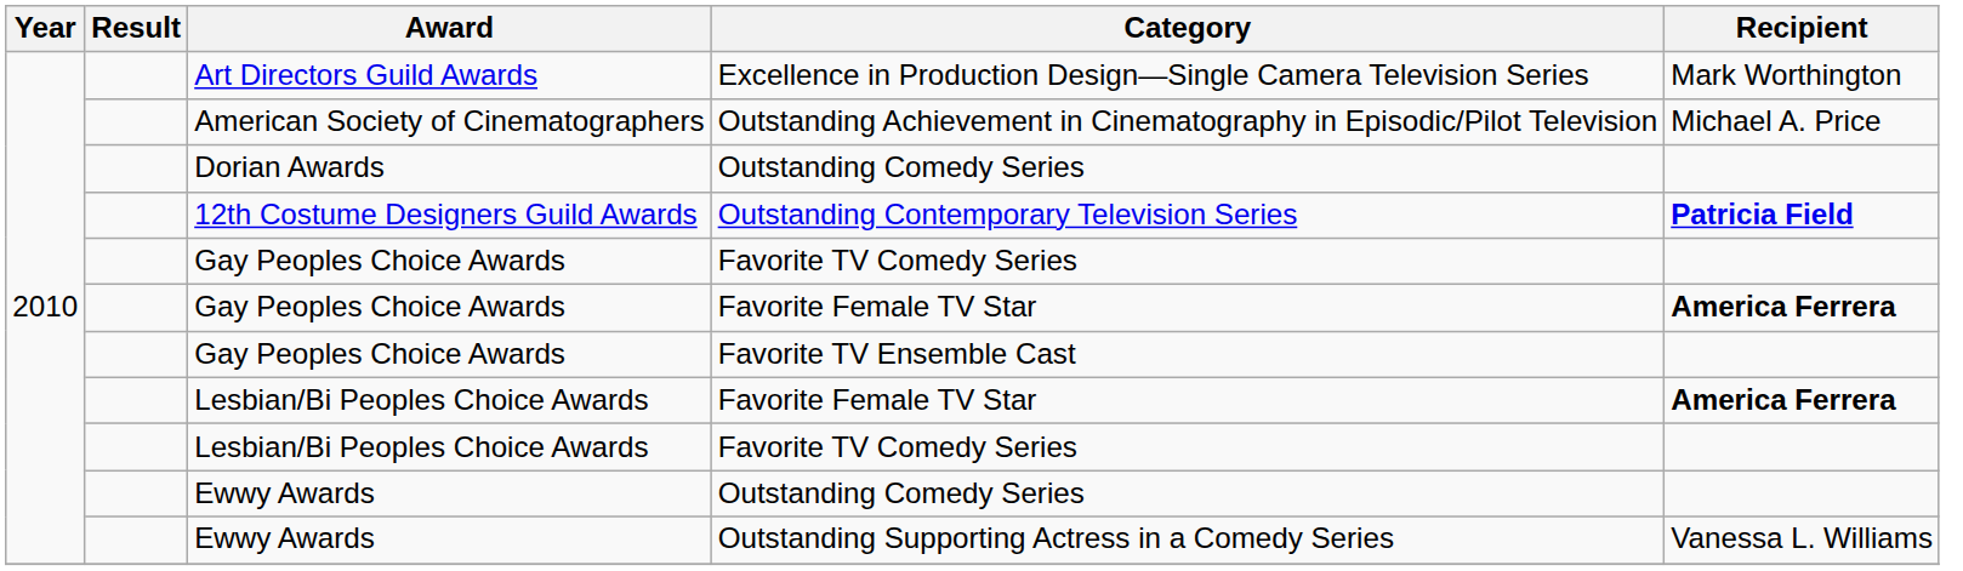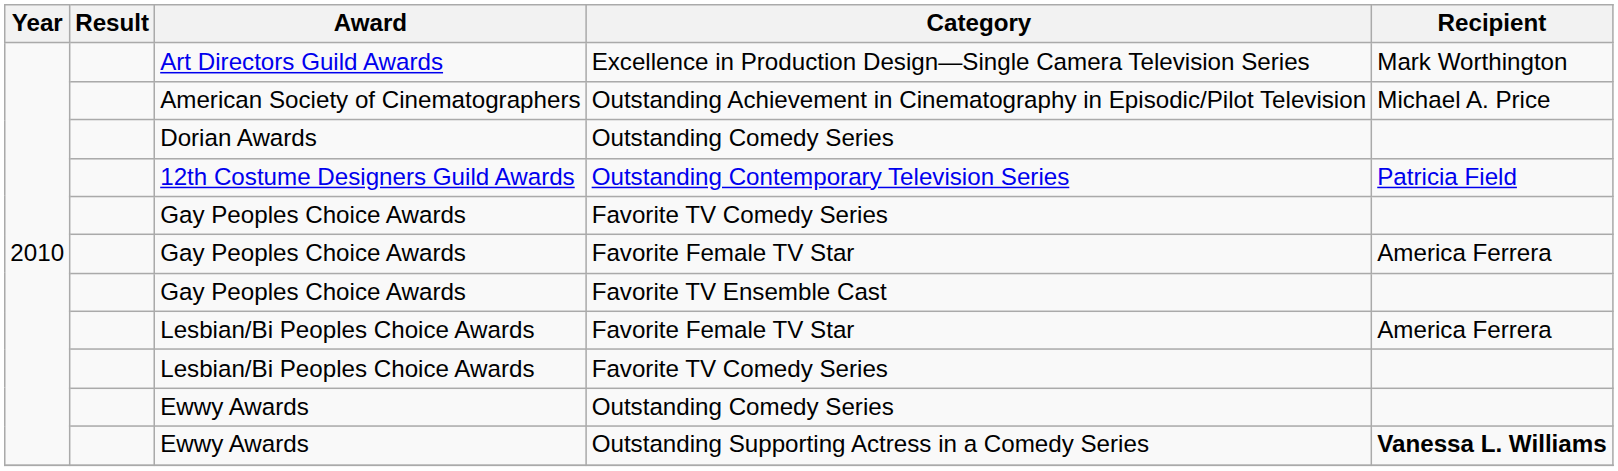 <table class="wikitable">
 <tr>
 <th>Year</th>
 <th>Result</th>
 <th>Award</th>
 <th>Category</th>
 <th>Recipient</th>
 </tr>
 <tr>
 <td rowspan="11">2010</td>
 <td></td>
 <td><a href='#'>Art Directors Guild Awards</a></td>
 <td>Excellence in Production Design—Single Camera Television Series</td>
 <td>Mark Worthington</td>
 </tr>
 <tr>
 <td></td>
 <td>American Society of Cinematographers</td>
 <td>Outstanding Achievement in Cinematography in Episodic/Pilot Television</td>
 <td>Michael A. Price</td>
 </tr>
 <tr>
 <td></td>
 <td>Dorian Awards</td>
 <td>Outstanding Comedy Series</td>
 <td></td>
 </tr>
 <tr>
 <td></td>
 <td><a href='#'>12th Costume Designers Guild Awards</a></td>
 <td><a href='#'>Outstanding Contemporary Television Series</a></td>
-<td><strong><a href='#'>Patricia Field</a></strong></td>
+<td><a href='#'>Patricia Field</a></td>
 </tr>
 <tr>
 <td></td>
 <td>Gay Peoples Choice Awards</td>
 <td>Favorite TV Comedy Series</td>
 <td></td>
 </tr>
 <tr>
 <td></td>
 <td>Gay Peoples Choice Awards</td>
 <td>Favorite Female TV Star</td>
-<td><strong>America Ferrera</strong></td>
+<td>America Ferrera</td>
 </tr>
 <tr>
 <td></td>
 <td>Gay Peoples Choice Awards</td>
 <td>Favorite TV Ensemble Cast</td>
 <td></td>
 </tr>
 <tr>
 <td></td>
 <td>Lesbian/Bi Peoples Choice Awards</td>
 <td>Favorite Female TV Star</td>
-<td><strong>America Ferrera</strong></td>
+<td>America Ferrera</td>
 </tr>
 <tr>
 <td></td>
 <td>Lesbian/Bi Peoples Choice Awards</td>
 <td>Favorite TV Comedy Series</td>
 <td></td>
 </tr>
 <tr>
 <td></td>
 <td>Ewwy Awards</td>
 <td>Outstanding Comedy Series</td>
 <td></td>
 </tr>
 <tr>
 <td></td>
 <td>Ewwy Awards</td>
 <td>Outstanding Supporting Actress in a Comedy Series</td>
-<td>Vanessa L. Williams</td>
+<td><strong>Vanessa L. Williams</strong></td>
 </tr>
 <tr>
 </tr>
 </table>
